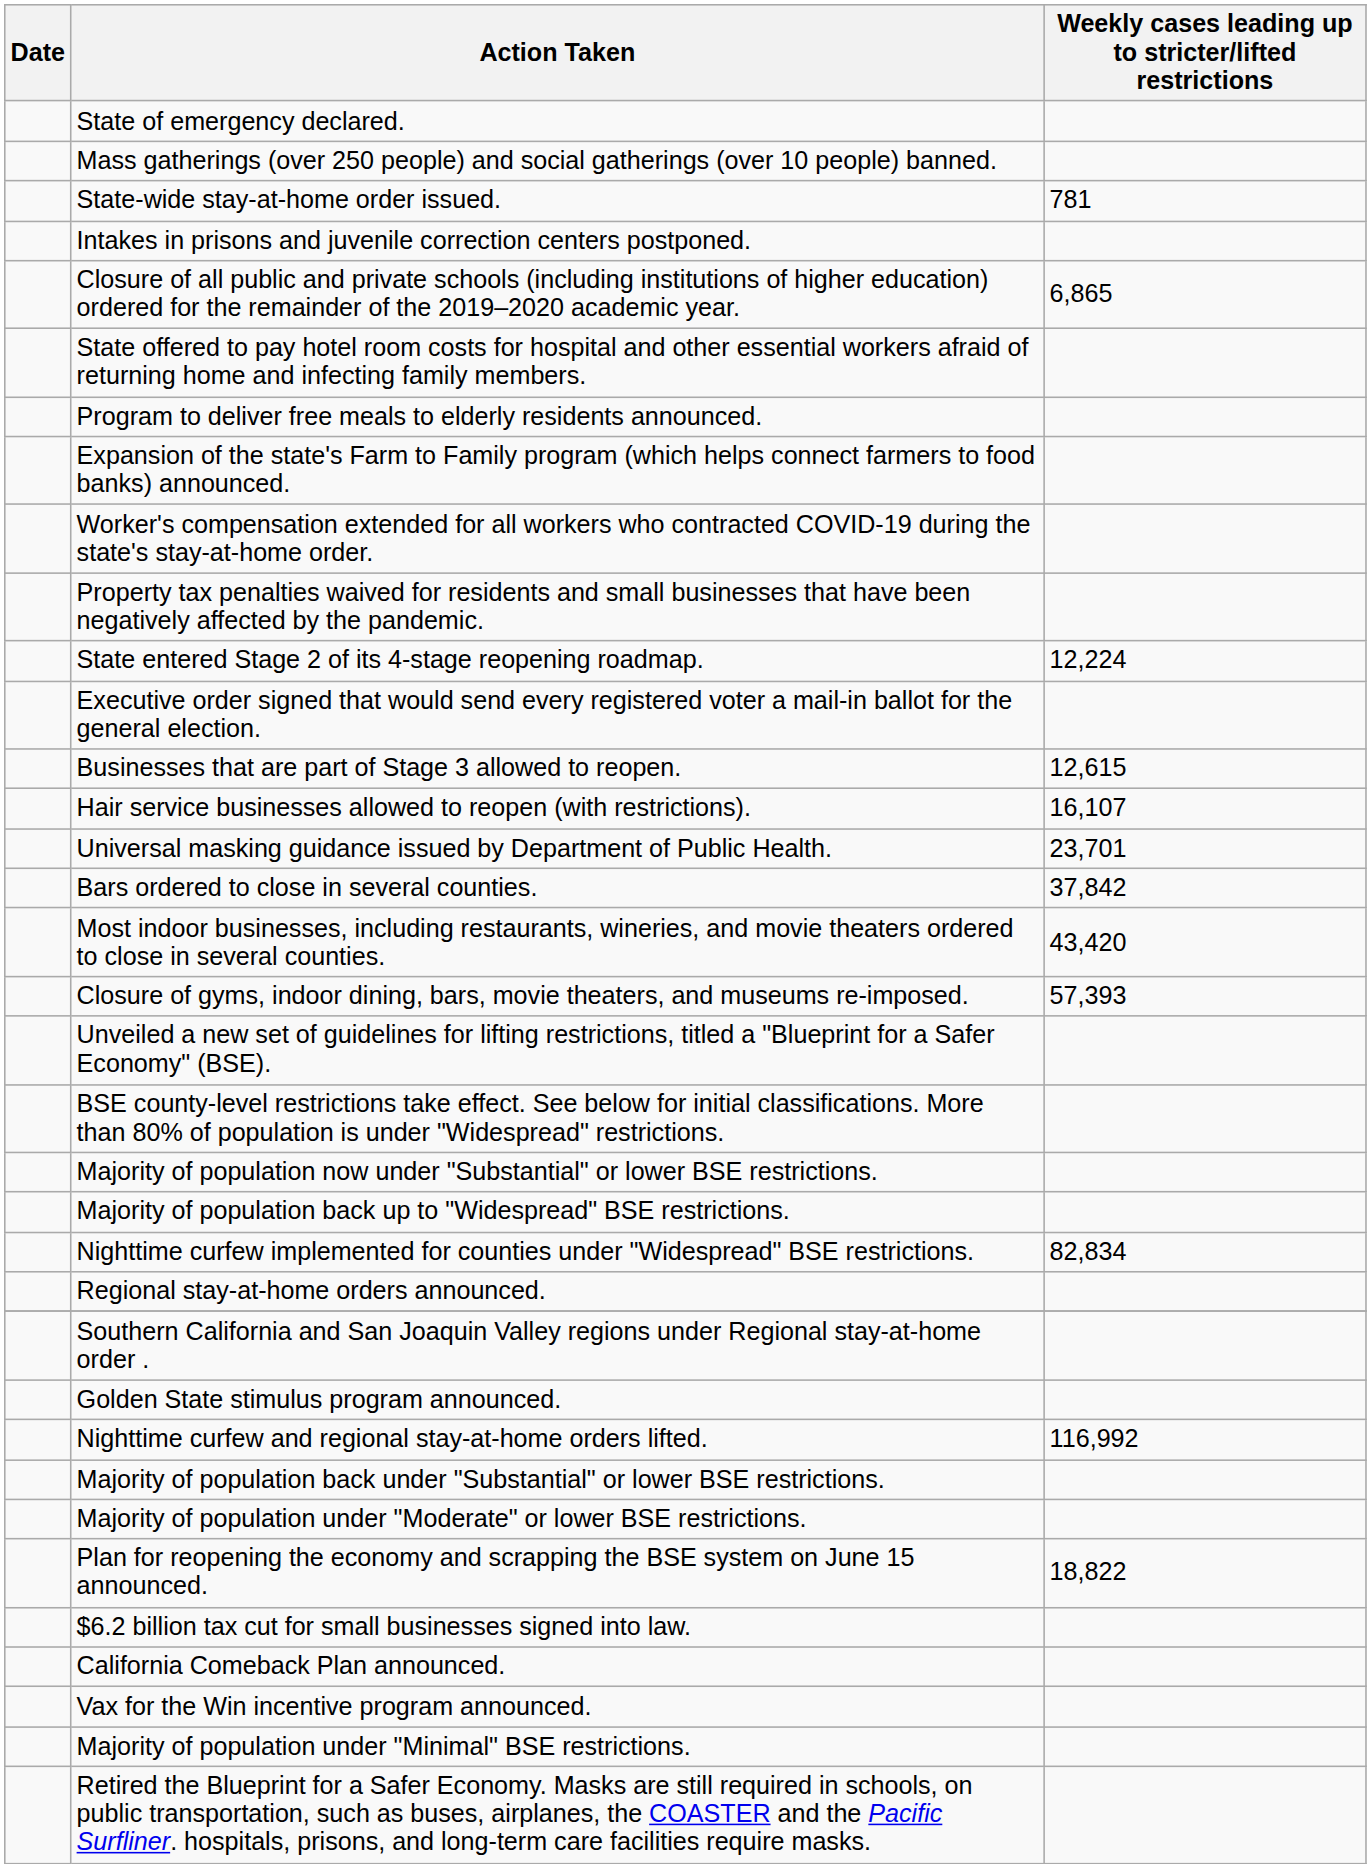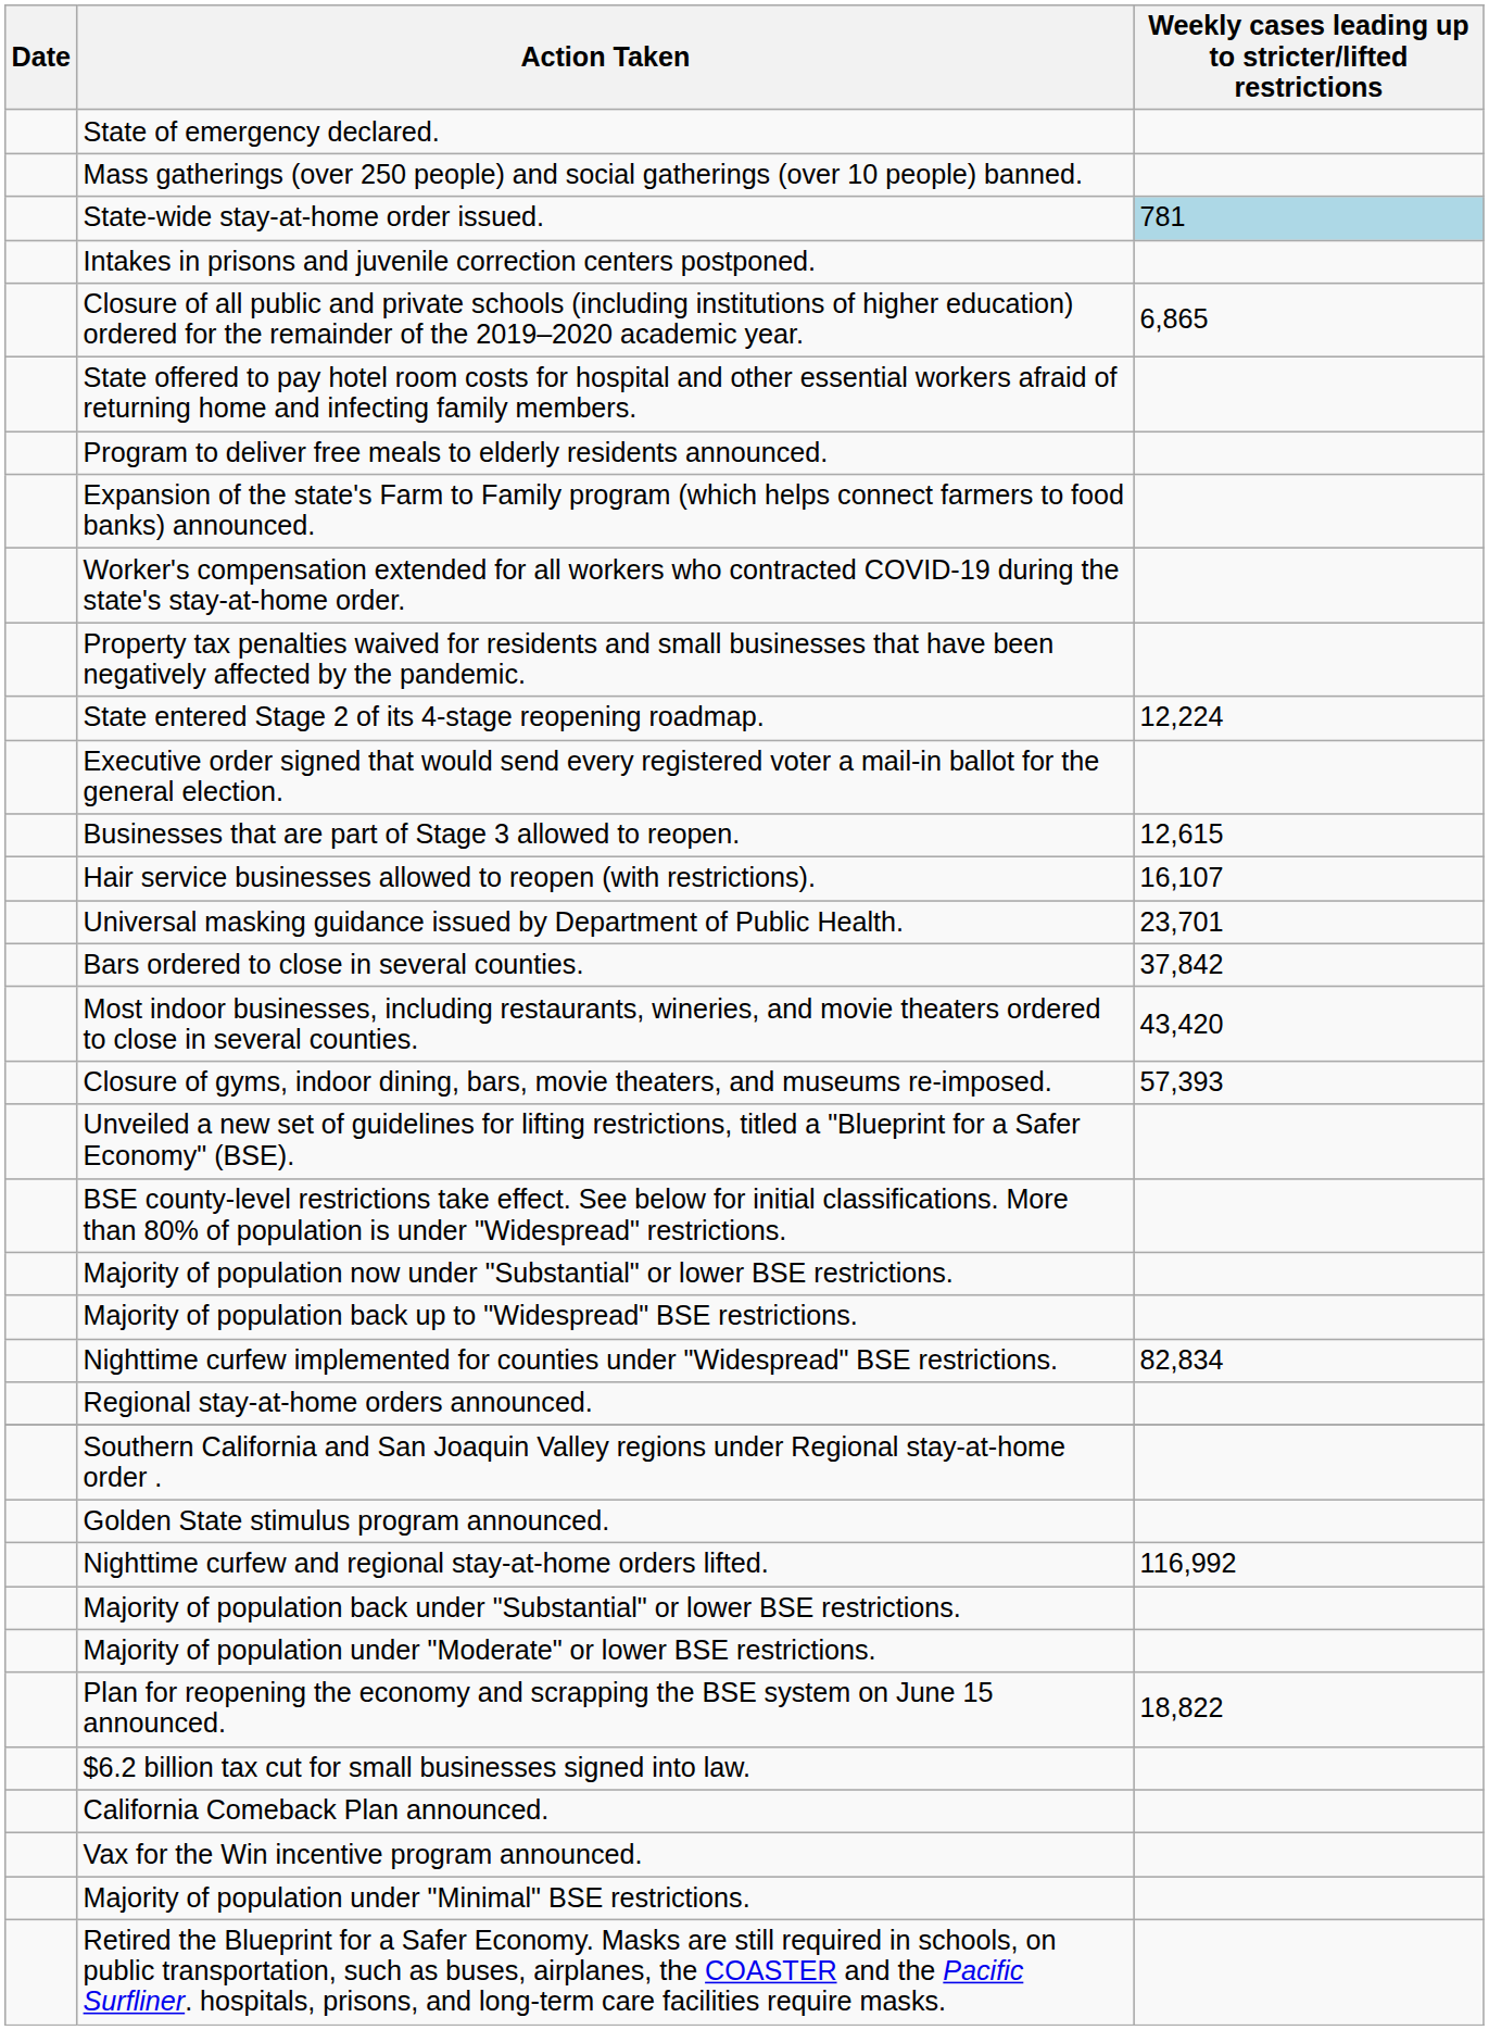 <table class="wikitable sortable">
 <tr>
 <th>Date</th>
 <th>Action Taken</th>
 <th>Weekly cases leading up to <span>stricter</span>/<span>lifted</span> restrictions</th>
 </tr>
 <tr>
 <td></td>
 <td>State of emergency declared.</td>
 <td></td>
 </tr>
 <tr>
 <td></td>
 <td>Mass gatherings (over 250 people) and social gatherings (over 10 people) banned.</td>
 <td></td>
 </tr>
 <tr>
 <td></td>
 <td>State-wide stay-at-home order issued.</td>
-<td><span>781</span></td>
+<td style="background: lightblue;"><span>781</span></td>
 </tr>
 <tr>
 <td></td>
 <td>Intakes in prisons and juvenile correction centers postponed.</td>
 <td></td>
 </tr>
 <tr>
 <td></td>
 <td>Closure of all public and private schools (including institutions of higher education) ordered for the remainder of the 2019–2020 academic year.</td>
 <td><span>6,865</span></td>
 </tr>
 <tr>
 <td></td>
 <td>State offered to pay hotel room costs for hospital and other essential workers afraid of returning home and infecting family members.</td>
 <td></td>
 </tr>
 <tr>
 <td></td>
 <td>Program to deliver free meals to elderly residents announced.</td>
 <td></td>
 </tr>
 <tr>
 <td></td>
 <td>Expansion of the state's Farm to Family program (which helps connect farmers to food banks) announced.</td>
 <td></td>
 </tr>
 <tr>
 <td></td>
 <td>Worker's compensation extended for all workers who contracted COVID-19 during the state's stay-at-home order.</td>
 <td></td>
 </tr>
 <tr>
 <td></td>
 <td>Property tax penalties waived for residents and small businesses that have been negatively affected by the pandemic.</td>
 <td></td>
 </tr>
 <tr>
 <td></td>
 <td>State entered Stage 2 of its 4-stage reopening roadmap.</td>
 <td><span>12,224</span></td>
 </tr>
 <tr>
 <td></td>
 <td>Executive order signed that would send every registered voter a mail-in ballot for the general election.</td>
 <td></td>
 </tr>
 <tr>
 <td></td>
 <td>Businesses that are part of Stage 3 allowed to reopen.</td>
 <td><span>12,615</span></td>
 </tr>
 <tr>
 <td></td>
 <td>Hair service businesses allowed to reopen (with restrictions).</td>
 <td><span>16,107</span></td>
 </tr>
 <tr>
 <td></td>
 <td>Universal masking guidance issued by Department of Public Health.</td>
 <td><span>23,701</span></td>
 </tr>
 <tr>
 <td></td>
 <td>Bars ordered to close in several counties.</td>
 <td><span>37,842</span></td>
 </tr>
 <tr>
 <td></td>
 <td>Most indoor businesses, including restaurants, wineries, and movie theaters ordered to close in several counties.</td>
 <td><span>43,420</span></td>
 </tr>
 <tr>
 <td></td>
 <td>Closure of gyms, indoor dining, bars, movie theaters, and museums re-imposed.</td>
 <td><span>57,393</span></td>
 </tr>
 <tr>
 <td></td>
 <td>Unveiled a new set of guidelines for lifting restrictions, titled a "Blueprint for a Safer Economy" (BSE).</td>
 <td></td>
 </tr>
 <tr>
 <td></td>
 <td>BSE county-level restrictions take effect. See below for initial classifications. More than 80% of population is under "Widespread" restrictions.</td>
 <td></td>
 </tr>
 <tr>
 <td></td>
 <td>Majority of population now under "Substantial" or lower BSE restrictions.</td>
 <td></td>
 </tr>
 <tr>
 <td></td>
 <td>Majority of population back up to "Widespread" BSE restrictions.</td>
 <td></td>
 </tr>
 <tr>
 <td></td>
 <td>Nighttime curfew implemented for counties under "Widespread" BSE restrictions.</td>
 <td><span>82,834</span></td>
 </tr>
 <tr>
 <td></td>
 <td>Regional stay-at-home orders announced.</td>
 <td></td>
 </tr>
 <tr>
 </tr>
 <tr>
 <td></td>
 <td>Southern California and San Joaquin Valley regions under Regional stay-at-home order .</td>
 <td></td>
 </tr>
 <tr>
 <td></td>
 <td>Golden State stimulus program announced.</td>
 <td></td>
 </tr>
 <tr>
 <td></td>
 <td>Nighttime curfew and regional stay-at-home orders lifted.</td>
 <td><span>116,992</span></td>
 </tr>
 <tr>
 <td></td>
 <td>Majority of population back under "Substantial" or lower BSE restrictions.</td>
 <td></td>
 </tr>
 <tr>
 <td></td>
 <td>Majority of population under "Moderate" or lower BSE restrictions.</td>
 <td></td>
 </tr>
 <tr>
 <td></td>
 <td>Plan for reopening the economy and scrapping the BSE system on June 15 announced.</td>
 <td><span>18,822</span></td>
 </tr>
 <tr>
 <td></td>
 <td>$6.2 billion tax cut for small businesses signed into law.</td>
 <td></td>
 </tr>
 <tr>
 <td></td>
 <td>California Comeback Plan announced.</td>
 <td></td>
 </tr>
 <tr>
 <td></td>
 <td>Vax for the Win incentive program announced.</td>
 <td></td>
 </tr>
 <tr>
 <td></td>
 <td>Majority of population under "Minimal" BSE restrictions.</td>
 <td></td>
 </tr>
 <tr>
 <td></td>
 <td>Retired the Blueprint for a Safer Economy. Masks are still required in schools, on public transportation, such as buses, airplanes, the <a href='#'>COASTER</a> and the <em><a href='#'>Pacific Surfliner</a></em>. hospitals, prisons, and long-term care facilities require masks.</td>
 <td></td>
 </tr>
 </table>
